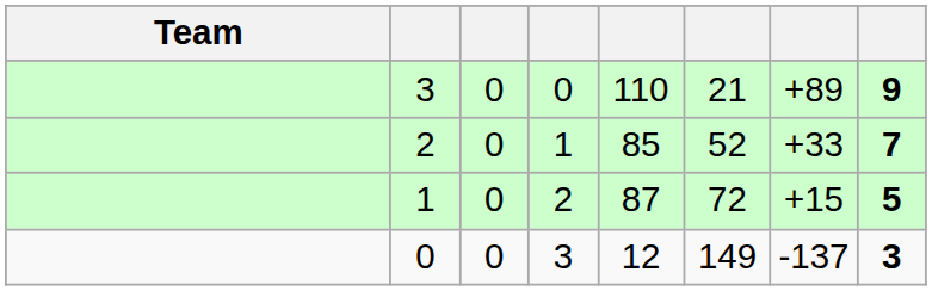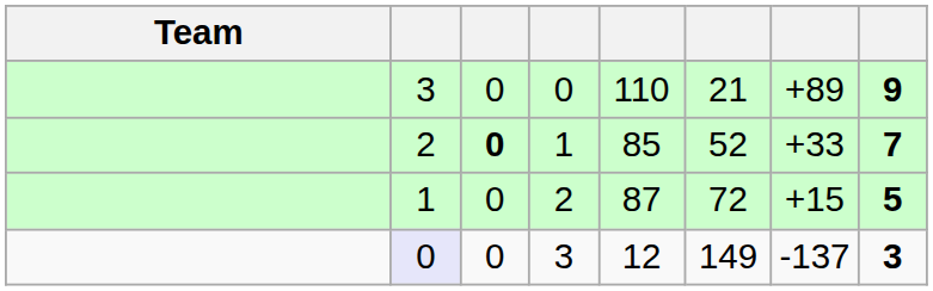 <table class="wikitable" style="text-align:center;">
 <tr>
 <th style="width:10.5em;">Team</th>
 <th style="width:1.5em;"></th>
 <th style="width:1.5em;"></th>
 <th style="width:1.5em;"></th>
 <th style="width:2.0em;"></th>
 <th style="width:2.0em;"></th>
 <th style="width:2.0em;"></th>
 <th style="width:1.5em;"></th>
 </tr>
 <tr bgcolor=#cfc>
 <td align="left"></td>
 <td>3</td>
 <td>0</td>
 <td>0</td>
 <td>110</td>
 <td>21</td>
 <td>+89</td>
 <td><strong>9</strong></td>
 </tr>
 <tr bgcolor=#cfc>
 <td align="left"></td>
 <td>2</td>
-<td>0</td>
+<td><strong>0</strong></td>
 <td>1</td>
 <td>85</td>
 <td>52</td>
 <td>+33</td>
 <td><strong>7</strong></td>
 </tr>
 <tr bgcolor="#cfc">
 <td align="left"></td>
 <td>1</td>
 <td>0</td>
 <td>2</td>
 <td>87</td>
 <td>72</td>
 <td>+15</td>
 <td><strong>5</strong></td>
 </tr>
 <tr>
 <td align="left"></td>
-<td>0</td>
+<td style="background: lavender;">0</td>
 <td>0</td>
 <td>3</td>
 <td>12</td>
 <td>149</td>
 <td>-137</td>
 <td><strong>3</strong></td>
 </tr>
 </table>
